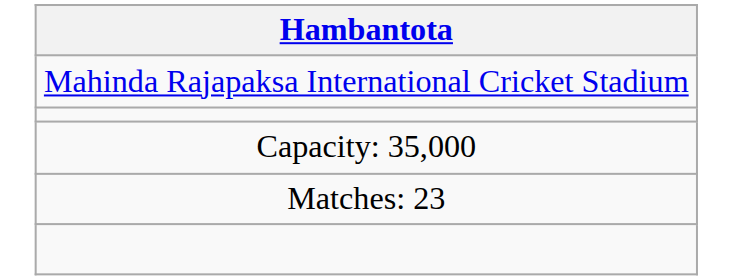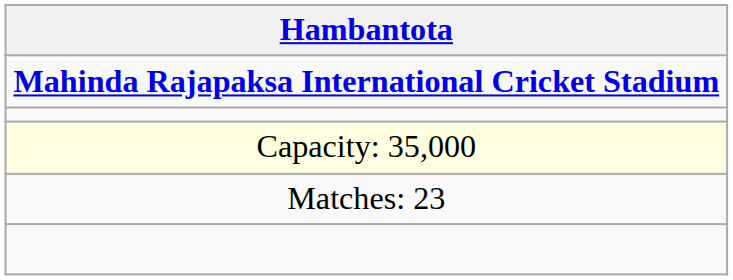 <table class="wikitable" style="margin:1em auto; text-align:center;">
 <tr>
 <th width:"33%"><a href='#'>Hambantota</a></th>
 </tr>
 <tr>
-<td><a href='#'>Mahinda Rajapaksa International Cricket Stadium</a></td>
+<td><strong><a href='#'>Mahinda Rajapaksa International Cricket Stadium</a></strong></td>
 </tr>
 <tr>
 <td></td>
 </tr>
 <tr>
-<td>Capacity: 35,000</td>
+<td style="background: lightyellow;">Capacity: 35,000</td>
 </tr>
 <tr>
 <td>Matches: 23</td>
 </tr>
 <tr>
 <td colspan="3"><br><div></div></td>
 </tr>
 </table>
